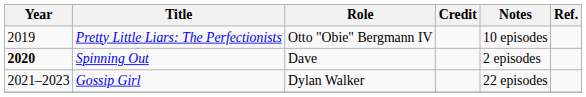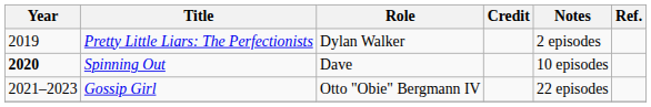 <table class="wikitable sortable">
 <tr>
 <th>Year</th>
 <th>Title</th>
 <th>Role</th>
 <th>Credit</th>
 <th>Notes</th>
 <th>Ref.</th>
 </tr>
 <tr>
 <td>2019</td>
 <td><em><a href='#'>Pretty Little Liars: The Perfectionists</a></em></td>
-<td>Otto "Obie" Bergmann IV</td>
+<td>Dylan Walker</td>
 <td></td>
-<td>10 episodes</td>
+<td>2 episodes</td>
 <td></td>
 </tr>
 <tr>
 <td><strong>2020</strong></td>
 <td><em><a href='#'>Spinning Out</a></em></td>
 <td>Dave</td>
 <td></td>
-<td>2 episodes</td>
+<td>10 episodes</td>
 <td></td>
 </tr>
 <tr>
 <td>2021–2023</td>
 <td><em><a href='#'>Gossip Girl</a></em></td>
-<td>Dylan Walker</td>
+<td>Otto "Obie" Bergmann IV</td>
 <td></td>
 <td>22 episodes</td>
 <td></td>
 </tr>
 <tr>
 </tr>
 <tr>
 </tr>
 </table>
